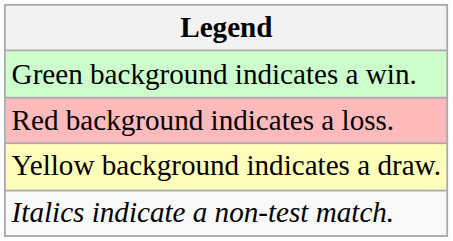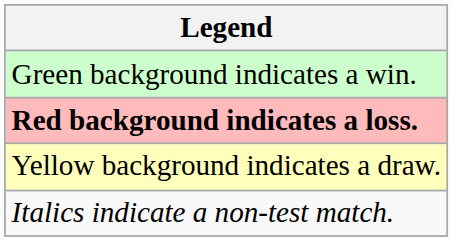 <table class="wikitable">
 <tr>
 <th>Legend</th>
 </tr>
 <tr style="background:#cfc;">
 <td>Green background indicates a win.</td>
 </tr>
 <tr style="background:#fbb">
-<td>Red background indicates a loss.</td>
+<td><strong>Red background indicates a loss.</strong></td>
 </tr>
 <tr style="background:#ffb;">
 <td>Yellow background indicates a draw.</td>
 </tr>
 <tr>
 <td><em>Italics indicate a non-test match.</em></td>
 </tr>
 </table>
